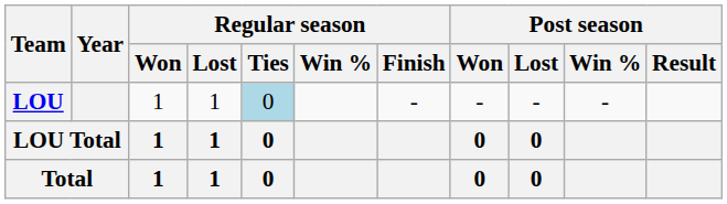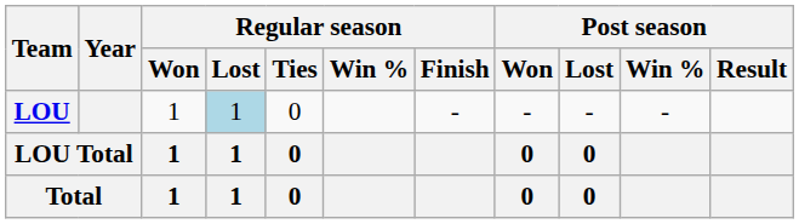 <table class="wikitable" style="font-size: 95%; text-align:center;">
 <tr>
 <th rowspan="2">Team</th>
 <th rowspan="2">Year</th>
 <th colspan="5">Regular season</th>
 <th colspan="4">Post season</th>
 </tr>
 <tr>
 <th>Won</th>
 <th>Lost</th>
 <th>Ties</th>
 <th>Win %</th>
 <th>Finish</th>
 <th>Won</th>
 <th>Lost</th>
 <th>Win %</th>
 <th>Result</th>
 </tr>
 <tr>
 <th><a href='#'>LOU</a></th>
 <th></th>
 <td>1</td>
-<td>1</td>
-<td style="background: lightblue;">0</td>
+<td style="background: lightblue;">1</td>
+<td>0</td>
 <td></td>
 <td>-</td>
 <td>-</td>
 <td>-</td>
 <td>-</td>
 <td></td>
 </tr>
 <tr>
 <th colspan="2">LOU Total</th>
 <th>1</th>
 <th>1</th>
 <th>0</th>
 <th></th>
 <th></th>
 <th>0</th>
 <th>0</th>
 <th></th>
 <th></th>
 </tr>
 <tr>
 <th colspan="2">Total</th>
 <th>1</th>
 <th>1</th>
 <th>0</th>
 <th></th>
 <th></th>
 <th>0</th>
 <th>0</th>
 <th></th>
 <th></th>
 </tr>
 </table>
